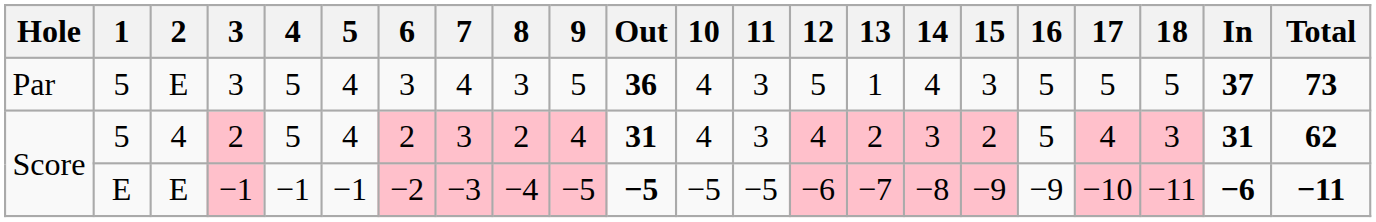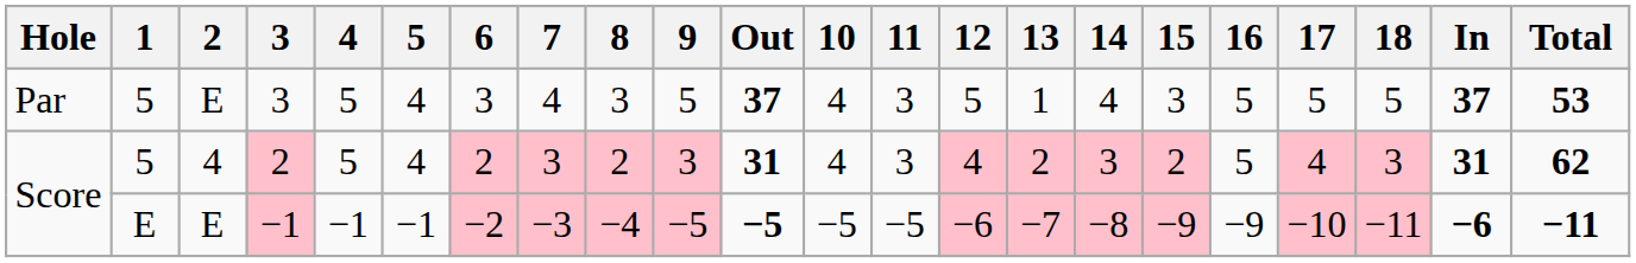 <table class=wikitable style="font-size: 95%; text-align:center">
 <tr>
 <th align="left">Hole</th>
 <th style="width:20px">1</th>
 <th style="width:20px">2</th>
 <th style="width:20px">3</th>
 <th style="width:20px">4</th>
 <th style="width:20px">5</th>
 <th style="width:20px">6</th>
 <th style="width:20px">7</th>
 <th style="width:20px">8</th>
 <th style="width:20px">9</th>
 <th style="width:25px">Out</th>
 <th style="width:20px">10</th>
 <th style="width:20px">11</th>
 <th style="width:20px">12</th>
 <th style="width:20px">13</th>
 <th style="width:20px">14</th>
 <th style="width:20px">15</th>
 <th style="width:20px">16</th>
 <th style="width:20px">17</th>
 <th style="width:20px">18</th>
 <th style="width:25px">In</th>
 <th style="width:40px">Total</th>
 </tr>
 <tr>
 <td align=left>Par</td>
 <td>5</td>
 <td>E</td>
 <td>3</td>
 <td>5</td>
 <td>4</td>
 <td>3</td>
 <td>4</td>
 <td>3</td>
 <td>5</td>
-<td><strong>36</strong></td>
+<td><strong>37</strong></td>
 <td>4</td>
 <td>3</td>
 <td>5</td>
 <td>1</td>
 <td>4</td>
 <td>3</td>
 <td>5</td>
 <td>5</td>
 <td>5</td>
 <td><strong>37</strong></td>
-<td><strong>73</strong></td>
+<td><strong>53</strong></td>
 </tr>
 <tr>
 <td align=left rowspan=2>Score</td>
 <td>5</td>
 <td>4</td>
 <td style="background:Pink;">2</td>
 <td>5</td>
 <td>4</td>
 <td style="background:Pink;">2</td>
 <td style="background:Pink;">3</td>
 <td style="background:Pink;">2</td>
-<td style="background:Pink;">4</td>
+<td style="background:Pink;">3</td>
 <td><strong>31</strong></td>
 <td>4</td>
 <td>3</td>
 <td style="background:Pink;">4</td>
 <td style="background:Pink;">2</td>
 <td style="background:Pink;">3</td>
 <td style="background:Pink;">2</td>
 <td>5</td>
 <td style="background:Pink;">4</td>
 <td style="background:Pink;">3</td>
 <td><strong>31</strong></td>
 <td><strong>62</strong></td>
 </tr>
 <tr>
 <td>E</td>
 <td>E</td>
 <td style="background: Pink;">−1</td>
 <td>−1</td>
 <td>−1</td>
 <td style="background: Pink;">−2</td>
 <td style="background: Pink;">−3</td>
 <td style="background: Pink;">−4</td>
 <td style="background: Pink;">−5</td>
 <td><strong>−5</strong></td>
 <td>−5</td>
 <td>−5</td>
 <td style="background: Pink;">−6</td>
 <td style="background: Pink;">−7</td>
 <td style="background: Pink;">−8</td>
 <td style="background: Pink;">−9</td>
 <td>−9</td>
 <td style="background: Pink;">−10</td>
 <td style="background: Pink;">−11</td>
 <td><strong>−6</strong></td>
 <td><strong>−11</strong></td>
 </tr>
 </table>
